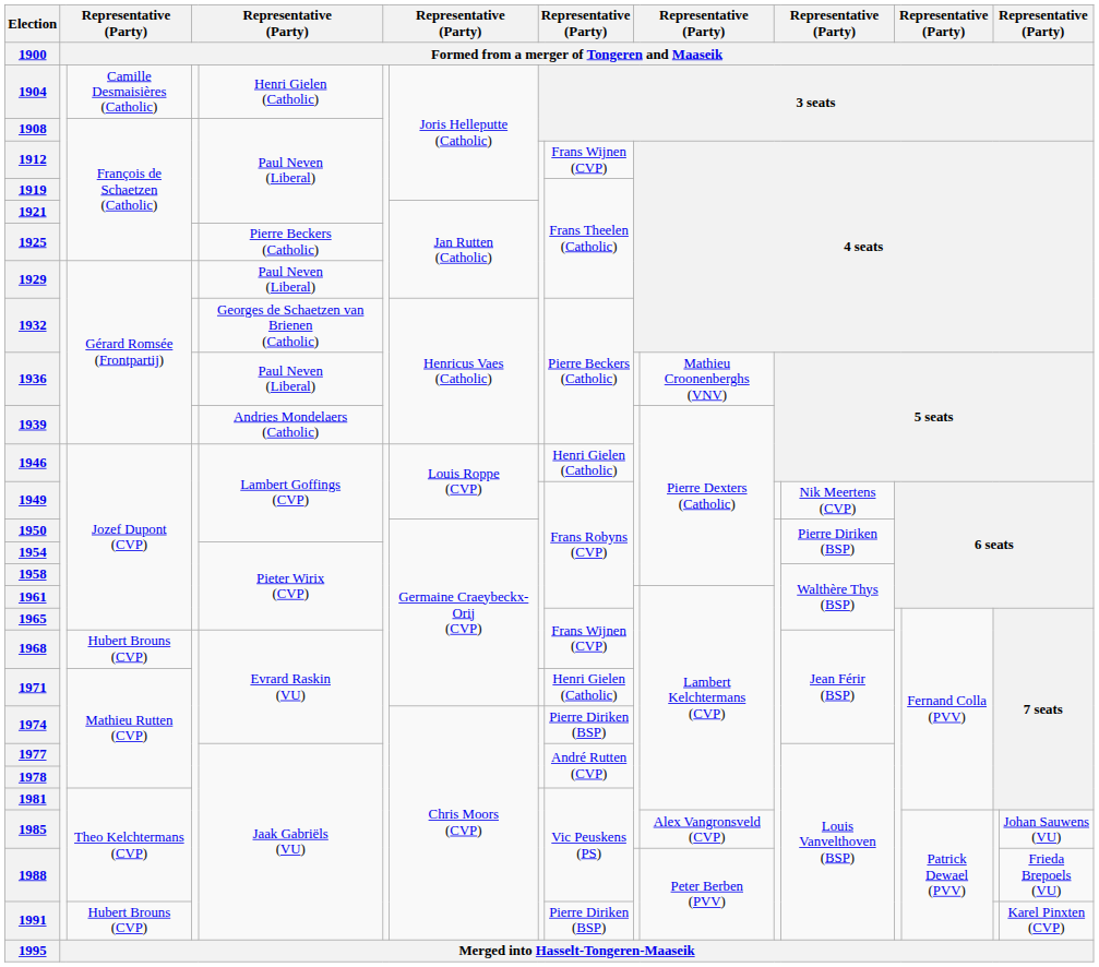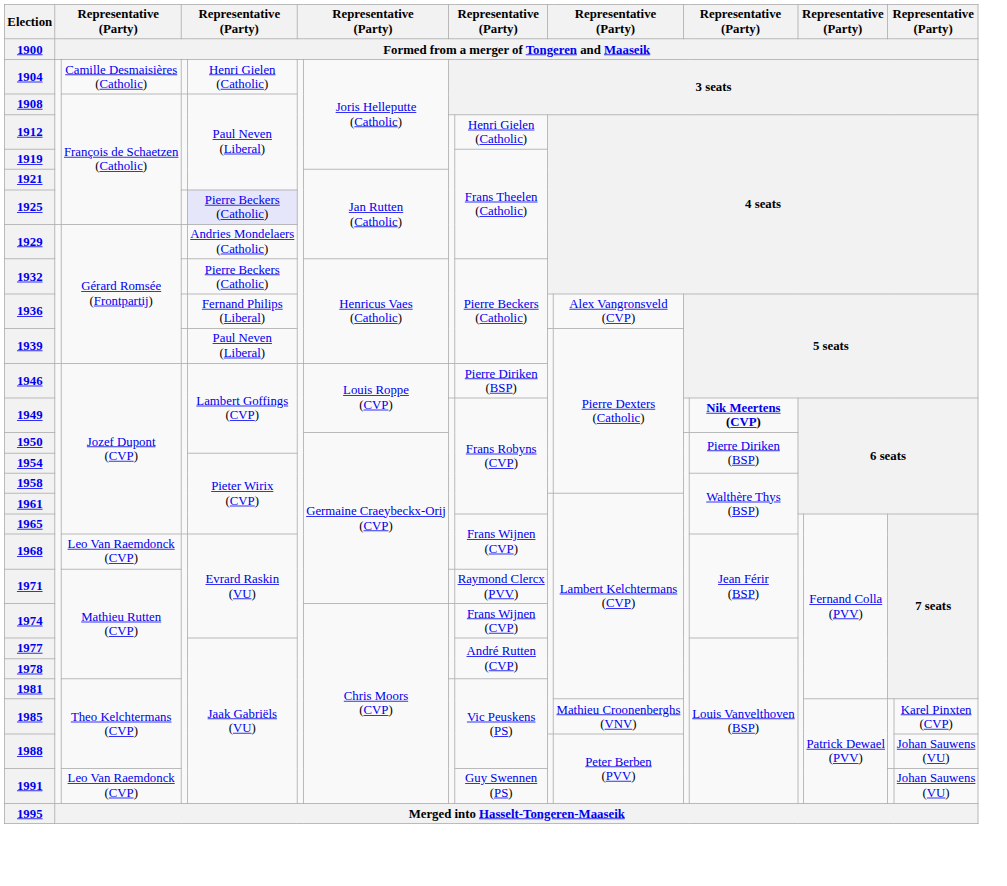 <table class="wikitable" style="text-align:center">
 <tr>
 <th>Election</th>
 <th colspan=2>Representative<br>(Party)</th>
 <th colspan=2>Representative<br>(Party)</th>
 <th colspan=2>Representative<br>(Party)</th>
 <th colspan=2>Representative<br>(Party)</th>
 <th colspan=2>Representative<br>(Party)</th>
 <th colspan=2>Representative<br>(Party)</th>
 <th colspan=2>Representative<br>(Party)</th>
 <th colspan=2>Representative<br>(Party)</th>
 </tr>
 <tr>
 <th rowspan=2><a href='#'>1900</a></th>
 <th colspan=16>Formed from a merger of <a href='#'>Tongeren</a> and <a href='#'>Maaseik</a></th>
 </tr>
 <tr>
 <td rowspan=7; style="background-color: "></td>
 <td rowspan=2><a href='#'>Camille Desmaisières</a><br>(<a href='#'>Catholic</a>)</td>
 <td rowspan=2; style="background-color: "></td>
 <td rowspan=2><a href='#'>Henri Gielen</a><br>(<a href='#'>Catholic</a>)</td>
 <td rowspan=11; style="background-color: "></td>
 <td rowspan=5><a href='#'>Joris Helleputte</a><br>(<a href='#'>Catholic</a>)</td>
 <th colspan=10; rowspan=3>3 seats</th>
 </tr>
 <tr>
 <th><a href='#'>1904</a></th>
 </tr>
 <tr>
 <th><a href='#'>1908</a></th>
 <td rowspan=5><a href='#'>François de Schaetzen</a><br>(<a href='#'>Catholic</a>)</td>
 <td rowspan=4; style="background-color: "></td>
 <td rowspan=4><a href='#'>Paul Neven</a><br>(<a href='#'>Liberal</a>)</td>
 </tr>
 <tr>
 <th><a href='#'>1912</a></th>
 <td rowspan=8; style="background-color: "></td>
-<td rowspan=1><a href='#'>Frans Wijnen</a><br>(<a href='#'>CVP</a>)</td>
+<td rowspan=1><a href='#'>Henri Gielen</a><br>(<a href='#'>Catholic</a>)</td>
 <th colspan=8; rowspan=6>4 seats</th>
 </tr>
 <tr>
 <th><a href='#'>1919</a></th>
 <td rowspan=4><a href='#'>Frans Theelen</a><br>(<a href='#'>Catholic</a>)</td>
 </tr>
 <tr>
 <th><a href='#'>1921</a></th>
 <td rowspan=3><a href='#'>Jan Rutten</a><br>(<a href='#'>Catholic</a>)</td>
 </tr>
 <tr>
 <th><a href='#'>1925</a></th>
 <td rowspan=1; style="background-color: "></td>
-<td rowspan=1><a href='#'>Pierre Beckers</a><br>(<a href='#'>Catholic</a>)</td>
+<td rowspan=1 style="background: lavender;"><a href='#'>Pierre Beckers</a><br>(<a href='#'>Catholic</a>)</td>
 </tr>
 <tr>
 <th><a href='#'>1929</a></th>
 <td rowspan=4; style="background-color: "></td>
 <td rowspan=4><a href='#'>Gérard Romsée</a><br>(<a href='#'>Frontpartij</a>)</td>
 <td rowspan=1; style="background-color: "></td>
-<td rowspan=1><a href='#'>Paul Neven</a><br>(<a href='#'>Liberal</a>)</td>
+<td rowspan=1><a href='#'>Andries Mondelaers</a><br>(<a href='#'>Catholic</a>)</td>
 </tr>
 <tr>
 <th><a href='#'>1932</a></th>
 <td rowspan=1; style="background-color: "></td>
-<td rowspan=1><a href='#'>Georges de Schaetzen van Brienen</a><br>(<a href='#'>Catholic</a>)</td>
+<td rowspan=1><a href='#'>Pierre Beckers</a><br>(<a href='#'>Catholic</a>)</td>
 <td rowspan=3><a href='#'>Henricus Vaes</a><br>(<a href='#'>Catholic</a>)</td>
 <td rowspan=3><a href='#'>Pierre Beckers</a><br>(<a href='#'>Catholic</a>)</td>
 </tr>
 <tr>
 <th><a href='#'>1936</a></th>
 <td rowspan=1; style="background-color: "></td>
-<td rowspan=1><a href='#'>Paul Neven</a><br>(<a href='#'>Liberal</a>)</td>
+<td rowspan=1><a href='#'>Fernand Philips</a><br>(<a href='#'>Liberal</a>)</td>
 <td rowspan=1; style="background-color: "></td>
-<td rowspan=1><a href='#'>Mathieu Croonenberghs</a><br>(<a href='#'>VNV</a>)</td>
+<td rowspan=1><a href='#'>Alex Vangronsveld</a><br>(<a href='#'>CVP</a>)</td>
 <th colspan=6; rowspan=3>5 seats</th>
 </tr>
 <tr>
 <th><a href='#'>1939</a></th>
 <td rowspan=1; style="background-color: "></td>
-<td rowspan=1><a href='#'>Andries Mondelaers</a><br>(<a href='#'>Catholic</a>)</td>
+<td rowspan=1><a href='#'>Paul Neven</a><br>(<a href='#'>Liberal</a>)</td>
 <td rowspan=6; style="background-color: "></td>
 <td rowspan=6><a href='#'>Pierre Dexters</a><br>(<a href='#'>Catholic</a>)</td>
 </tr>
 <tr>
 <th><a href='#'>1946</a></th>
 <td rowspan=16; style="background-color: "></td>
 <td rowspan=7><a href='#'>Jozef Dupont</a><br>(<a href='#'>CVP</a>)</td>
 <td rowspan=7; style="background-color: "></td>
 <td rowspan=3><a href='#'>Lambert Goffings</a><br>(<a href='#'>CVP</a>)</td>
 <td rowspan=16; style="background-color: "></td>
 <td rowspan=2><a href='#'>Louis Roppe</a><br>(<a href='#'>CVP</a>)</td>
 <td rowspan=1; style="background-color: "></td>
-<td rowspan=1><a href='#'>Henri Gielen</a><br>(<a href='#'>Catholic</a>)</td>
+<td rowspan=1><a href='#'>Pierre Diriken</a><br>(<a href='#'>BSP</a>)</td>
 </tr>
 <tr>
 <th><a href='#'>1949</a></th>
 <td rowspan=7; style="background-color: "></td>
 <td rowspan=5><a href='#'>Frans Robyns</a><br>(<a href='#'>CVP</a>)</td>
 <td rowspan=1; style="background-color: "></td>
-<td rowspan=1><a href='#'>Nik Meertens</a><br>(<a href='#'>CVP</a>)</td>
+<td rowspan=1><strong><a href='#'>Nik Meertens</a><br>(<a href='#'>CVP</a>)</strong></td>
 <th colspan=4; rowspan=5>6 seats</th>
 </tr>
 <tr>
 <th><a href='#'>1950</a></th>
 <td rowspan=7><a href='#'>Germaine Craeybeckx-Orij</a><br>(<a href='#'>CVP</a>)</td>
 <td rowspan=14; style="background-color: "></td>
 <td rowspan=2><a href='#'>Pierre Diriken</a><br>(<a href='#'>BSP</a>)</td>
 </tr>
 <tr>
 <th><a href='#'>1954</a></th>
 <td rowspan=4><a href='#'>Pieter Wirix</a><br>(<a href='#'>CVP</a>)</td>
 </tr>
 <tr>
 <th><a href='#'>1958</a></th>
 <td rowspan=3><a href='#'>Walthère Thys</a><br>(<a href='#'>BSP</a>)</td>
 </tr>
 <tr>
 <th><a href='#'>1961</a></th>
 <td rowspan=9; style="background-color: "></td>
 <td rowspan=8><a href='#'>Lambert Kelchtermans</a><br>(<a href='#'>CVP</a>)</td>
 </tr>
 <tr>
 <th><a href='#'>1965</a></th>
 <td rowspan=2><a href='#'>Frans Wijnen</a><br>(<a href='#'>CVP</a>)</td>
 <td rowspan=10; style="background-color: "></td>
 <td rowspan=7><a href='#'>Fernand Colla</a><br>(<a href='#'>PVV</a>)</td>
 <th colspan=2; rowspan=7>7 seats</th>
 </tr>
 <tr>
 <th><a href='#'>1968</a></th>
-<td rowspan=1><a href='#'>Hubert Brouns</a><br>(<a href='#'>CVP</a>)</td>
+<td rowspan=1><a href='#'>Leo Van Raemdonck</a><br>(<a href='#'>CVP</a>)</td>
 <td rowspan=9; style="background-color: "></td>
 <td rowspan=3><a href='#'>Evrard Raskin</a><br>(<a href='#'>VU</a>)</td>
 <td rowspan=3><a href='#'>Jean Férir</a><br>(<a href='#'>BSP</a>)</td>
 </tr>
 <tr>
 <th><a href='#'>1971</a></th>
 <td rowspan=4><a href='#'>Mathieu Rutten</a><br>(<a href='#'>CVP</a>)</td>
 <td rowspan=1; style="background-color: "></td>
-<td rowspan=1><a href='#'>Henri Gielen</a><br>(<a href='#'>Catholic</a>)</td>
+<td rowspan=1><a href='#'>Raymond Clercx</a><br>(<a href='#'>PVV</a>)</td>
 </tr>
 <tr>
 <th><a href='#'>1974</a></th>
 <td rowspan=7><a href='#'>Chris Moors</a><br>(<a href='#'>CVP</a>)</td>
 <td rowspan=3; style="background-color: "></td>
-<td rowspan=1><a href='#'>Pierre Diriken</a><br>(<a href='#'>BSP</a>)</td>
+<td rowspan=1><a href='#'>Frans Wijnen</a><br>(<a href='#'>CVP</a>)</td>
 </tr>
 <tr>
 <th><a href='#'>1977</a></th>
 <td rowspan=6><a href='#'>Jaak Gabriëls</a><br>(<a href='#'>VU</a>)</td>
 <td rowspan=2><a href='#'>André Rutten</a><br>(<a href='#'>CVP</a>)</td>
 <td rowspan=6><a href='#'>Louis Vanvelthoven</a><br>(<a href='#'>BSP</a>)</td>
 </tr>
 <tr>
 <th><a href='#'>1978</a></th>
 </tr>
 <tr>
 <th><a href='#'>1981</a></th>
 <td rowspan=3><a href='#'>Theo Kelchtermans</a><br>(<a href='#'>CVP</a>)</td>
 <td rowspan=4; style="background-color: "></td>
 <td rowspan=3><a href='#'>Vic Peuskens</a><br>(<a href='#'>PS</a>)</td>
 </tr>
 <tr>
 <th><a href='#'>1985</a></th>
-<td rowspan=1><a href='#'>Alex Vangronsveld</a><br>(<a href='#'>CVP</a>)</td>
+<td rowspan=1><a href='#'>Mathieu Croonenberghs</a><br>(<a href='#'>VNV</a>)</td>
 <td rowspan=3><a href='#'>Patrick Dewael</a><br>(<a href='#'>PVV</a>)</td>
 <td rowspan=2; style="background-color: "></td>
-<td rowspan=1><a href='#'>Johan Sauwens</a><br>(<a href='#'>VU</a>)</td>
+<td rowspan=1><a href='#'>Karel Pinxten</a><br>(<a href='#'>CVP</a>)</td>
 </tr>
 <tr>
 <th><a href='#'>1988</a></th>
 <td rowspan=2; style="background-color: "></td>
 <td rowspan=2><a href='#'>Peter Berben</a><br>(<a href='#'>PVV</a>)</td>
-<td rowspan=1><a href='#'>Frieda Brepoels</a><br>(<a href='#'>VU</a>)</td>
+<td rowspan=1><a href='#'>Johan Sauwens</a><br>(<a href='#'>VU</a>)</td>
 </tr>
 <tr>
 <th><a href='#'>1991</a></th>
-<td rowspan=1><a href='#'>Hubert Brouns</a><br>(<a href='#'>CVP</a>)</td>
-<td rowspan=1><a href='#'>Pierre Diriken</a><br>(<a href='#'>BSP</a>)</td>
+<td rowspan=1><a href='#'>Leo Van Raemdonck</a><br>(<a href='#'>CVP</a>)</td>
+<td rowspan=1><a href='#'>Guy Swennen</a><br>(<a href='#'>PS</a>)</td>
 <td rowspan=1; style="background-color: "></td>
-<td rowspan=1><a href='#'>Karel Pinxten</a><br>(<a href='#'>CVP</a>)</td>
+<td rowspan=1><a href='#'>Johan Sauwens</a><br>(<a href='#'>VU</a>)</td>
 </tr>
 <tr>
 <th><a href='#'>1995</a></th>
 <th colspan=16>Merged into <a href='#'>Hasselt-Tongeren-Maaseik</a></th>
 </tr>
 </table>
